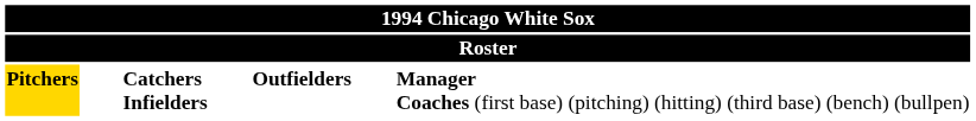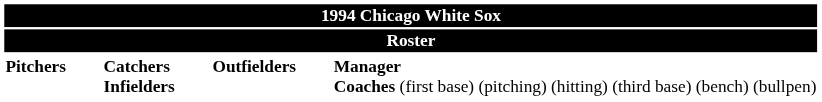 <table class="toccolours" style="font-size: 95%;">
 <tr>
 <th colspan="10" style="background:black; color:white; text-align:center;">1994 Chicago White Sox</th>
 </tr>
 <tr>
 <td colspan="10" style="background:black; color:white; text-align:center;"><strong>Roster</strong></td>
 </tr>
 <tr>
-<td valign="top" style="background: gold;"><strong>Pitchers</strong><br>             </td>
+<td valign="top"><strong>Pitchers</strong><br>             </td>
 <td style="width:25px;"></td>
 <td valign="top"><strong>Catchers</strong><br>    <strong>Infielders</strong>        </td>
 <td style="width:25px;"></td>
 <td valign="top"><strong>Outfielders</strong><br>       </td>
 <td style="width:25px;"></td>
 <td valign="top"><strong>Manager</strong><br> <strong>Coaches</strong> (first base) (pitching) (hitting) (third base) (bench) (bullpen)</td>
 </tr>
 </table>
